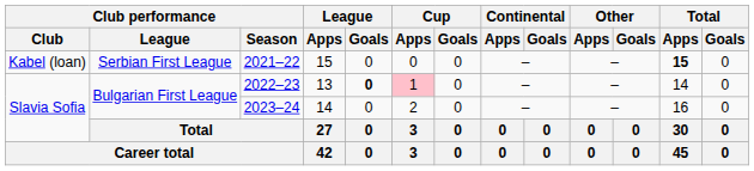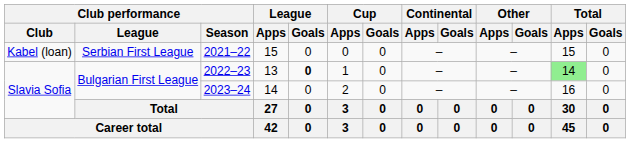 <table class="wikitable" style="text-align:center">
 <tr>
 <th Colspan="3">Club performance</th>
 <th Colspan="2">League</th>
 <th Colspan="2">Cup</th>
 <th Colspan="2">Continental</th>
 <th Colspan="2">Other</th>
 <th Colspan="3">Total</th>
 </tr>
 <tr>
 <th>Club</th>
 <th>League</th>
 <th>Season</th>
 <th>Apps</th>
 <th>Goals</th>
 <th>Apps</th>
 <th>Goals</th>
 <th>Apps</th>
 <th>Goals</th>
 <th>Apps</th>
 <th>Goals</th>
 <th>Apps</th>
 <th>Goals</th>
 </tr>
 <tr>
 <td><a href='#'>Kabel</a> (loan)</td>
 <td><a href='#'>Serbian First League</a></td>
 <td><a href='#'>2021–22</a></td>
 <td>15</td>
 <td>0</td>
 <td>0</td>
 <td>0</td>
 <td colspan="2">–</td>
 <td colspan="2">–</td>
-<td><strong>15</strong></td>
+<td>15</td>
 <td>0</td>
 </tr>
 <tr>
 <td rowspan="3"><a href='#'>Slavia Sofia</a></td>
 <td rowspan="2"><a href='#'>Bulgarian First League</a></td>
 <td><a href='#'>2022–23</a></td>
 <td>13</td>
 <td><strong>0</strong></td>
-<td style="background: pink;">1</td>
+<td>1</td>
 <td>0</td>
 <td colspan="2">–</td>
 <td colspan="2">–</td>
-<td>14</td>
+<td style="background: lightgreen;">14</td>
 <td>0</td>
 </tr>
 <tr>
 <td><a href='#'>2023–24</a></td>
 <td>14</td>
 <td>0</td>
 <td>2</td>
 <td>0</td>
 <td colspan="2">–</td>
 <td colspan="2">–</td>
 <td>16</td>
 <td>0</td>
 </tr>
 <tr>
 <th colspan=2>Total</th>
 <th>27</th>
 <th>0</th>
 <th>3</th>
 <th>0</th>
 <th>0</th>
 <th>0</th>
 <th>0</th>
 <th>0</th>
 <th>30</th>
 <th>0</th>
 </tr>
 <tr>
 <th colspan="3">Career total</th>
 <th>42</th>
 <th>0</th>
 <th>3</th>
 <th>0</th>
 <th>0</th>
 <th>0</th>
 <th>0</th>
 <th>0</th>
 <th>45</th>
 <th>0</th>
 </tr>
 </table>
